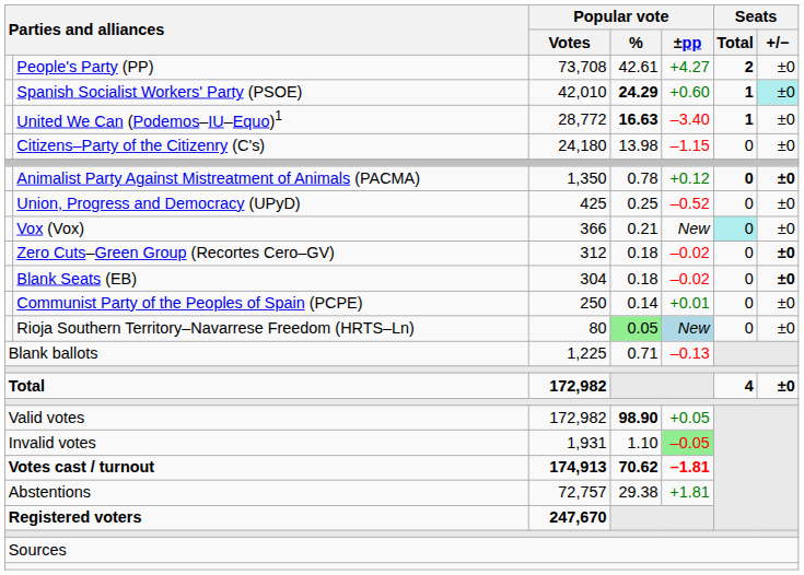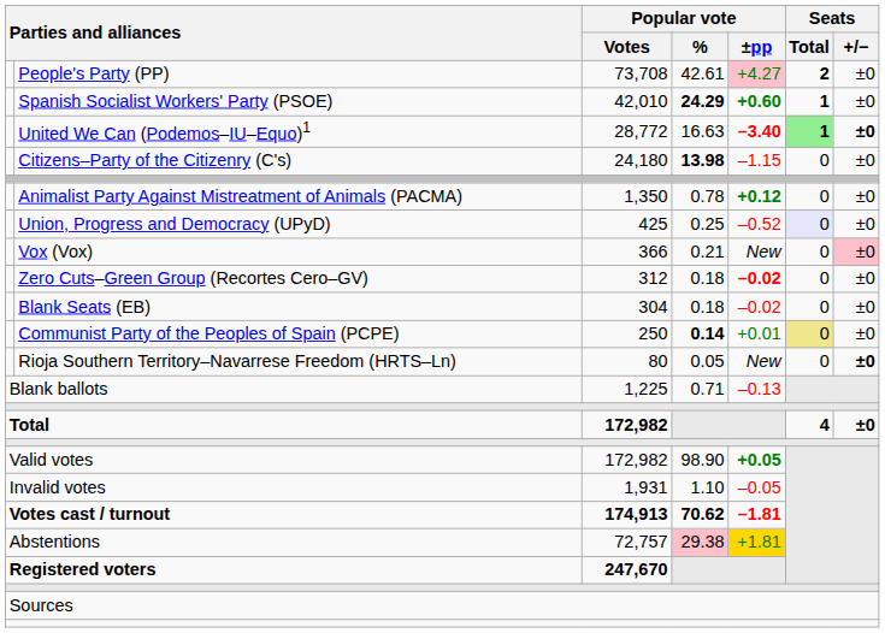 <table class="wikitable" style="text-align:right;">
 <tr>
 <th style="text-align:left;" rowspan="2" colspan="2" width="525">Parties and alliances</th>
 <th colspan="3">Popular vote</th>
 <th colspan="2">Seats</th>
 </tr>
 <tr>
 <th width="75">Votes</th>
 <th width="45">%</th>
 <th width="45">±<a href='#'>pp</a></th>
 <th width="35">Total</th>
 <th width="35">+/−</th>
 </tr>
 <tr>
 <td width="1" style="color:inherit;background:"></td>
 <td align="left"><a href='#'>People's Party</a> (PP)</td>
 <td>73,708</td>
 <td>42.61</td>
-<td style="color:green;">+4.27</td>
+<td style="background: pink; color:green;">+4.27</td>
 <td><strong>2</strong></td>
 <td>±0</td>
 </tr>
 <tr>
 <td style="color:inherit;background:"></td>
 <td align="left"><a href='#'>Spanish Socialist Workers' Party</a> (PSOE)</td>
 <td>42,010</td>
 <td><strong>24.29</strong></td>
-<td style="color:green;">+0.60</td>
+<td style="color:green;"><strong>+0.60</strong></td>
 <td><strong>1</strong></td>
-<td style="background: paleturquoise;">±0</td>
+<td>±0</td>
 </tr>
 <tr>
 <td style="color:inherit;background:"></td>
 <td align="left"><a href='#'>United We Can</a> (<a href='#'>Podemos</a>–<a href='#'>IU</a>–<a href='#'>Equo</a>)<sup>1</sup></td>
 <td>28,772</td>
-<td><strong>16.63</strong></td>
-<td style="color:red;">–3.40</td>
-<td><strong>1</strong></td>
-<td>±0</td>
+<td>16.63</td>
+<td style="color:red;"><strong>–3.40</strong></td>
+<td style="background: lightgreen;"><strong>1</strong></td>
+<td><strong>±0</strong></td>
 </tr>
 <tr>
 <td style="color:inherit;background:"></td>
 <td align="left"><a href='#'>Citizens–Party of the Citizenry</a> (C's)</td>
 <td>24,180</td>
-<td>13.98</td>
+<td><strong>13.98</strong></td>
 <td style="color:red;">–1.15</td>
 <td>0</td>
 <td>±0</td>
 </tr>
 <tr>
 <td colspan="7" bgcolor="#C0C0C0"></td>
 </tr>
 <tr>
 <td style="color:inherit;background:"></td>
 <td align="left"><a href='#'>Animalist Party Against Mistreatment of Animals</a> (PACMA)</td>
 <td>1,350</td>
 <td>0.78</td>
-<td style="color:green;">+0.12</td>
-<td><strong>0</strong></td>
-<td><strong>±0</strong></td>
+<td style="color:green;"><strong>+0.12</strong></td>
+<td>0</td>
+<td>±0</td>
 </tr>
 <tr>
 <td style="color:inherit;background:"></td>
 <td align="left"><a href='#'>Union, Progress and Democracy</a> (UPyD)</td>
 <td>425</td>
 <td>0.25</td>
 <td style="color:red;">–0.52</td>
-<td>0</td>
+<td style="background: lavender;">0</td>
 <td>±0</td>
 </tr>
 <tr>
 <td style="color:inherit;background:"></td>
 <td align="left"><a href='#'>Vox</a> (Vox)</td>
 <td>366</td>
 <td>0.21</td>
 <td><em>New</em></td>
-<td style="background: paleturquoise;">0</td>
-<td>±0</td>
+<td>0</td>
+<td style="background: pink;">±0</td>
 </tr>
 <tr>
 <td style="color:inherit;background:"></td>
 <td align="left"><a href='#'>Zero Cuts</a>–<a href='#'>Green Group</a> (Recortes Cero–GV)</td>
 <td>312</td>
 <td>0.18</td>
-<td style="color:red;">–0.02</td>
+<td style="color:red;"><strong>–0.02</strong></td>
 <td>0</td>
-<td><strong>±0</strong></td>
+<td>±0</td>
 </tr>
 <tr>
 <td style="color:inherit;background:"></td>
 <td align="left"><a href='#'>Blank Seats</a> (EB)</td>
 <td>304</td>
 <td>0.18</td>
 <td style="color:red;">–0.02</td>
 <td>0</td>
-<td><strong>±0</strong></td>
+<td>±0</td>
 </tr>
 <tr>
 <td style="color:inherit;background:"></td>
 <td align="left"><a href='#'>Communist Party of the Peoples of Spain</a> (PCPE)</td>
 <td>250</td>
-<td>0.14</td>
+<td><strong>0.14</strong></td>
 <td style="color:green;">+0.01</td>
-<td>0</td>
+<td style="background: khaki;">0</td>
 <td>±0</td>
 </tr>
 <tr>
 <td style="color:inherit;background:"></td>
 <td align="left">Rioja Southern Territory–Navarrese Freedom (HRTS–Ln)</td>
 <td>80</td>
-<td style="background: lightgreen;">0.05</td>
-<td style="background: lightblue;"><em>New</em></td>
+<td>0.05</td>
+<td><em>New</em></td>
 <td>0</td>
-<td>±0</td>
+<td><strong>±0</strong></td>
 </tr>
 <tr>
 <td align="left" colspan="2">Blank ballots</td>
 <td>1,225</td>
 <td>0.71</td>
 <td style="color:red;">–0.13</td>
 <td bgcolor="#E9E9E9" colspan="2"></td>
 </tr>
 <tr>
 <td colspan="7" bgcolor="#E9E9E9"></td>
 </tr>
 <tr style="font-weight:bold;">
 <td align="left" colspan="2">Total</td>
 <td>172,982</td>
 <td bgcolor="#E9E9E9" colspan="2"></td>
 <td>4</td>
 <td>±0</td>
 </tr>
 <tr>
 <td colspan="7" bgcolor="#E9E9E9"></td>
 </tr>
 <tr>
 <td align="left" colspan="2">Valid votes</td>
 <td>172,982</td>
-<td><strong>98.90</strong></td>
-<td style="color:green;">+0.05</td>
+<td>98.90</td>
+<td style="color:green;"><strong>+0.05</strong></td>
 <td bgcolor="#E9E9E9" colspan="2" rowspan="5"></td>
 </tr>
 <tr>
 <td align="left" colspan="2">Invalid votes</td>
 <td>1,931</td>
 <td>1.10</td>
-<td style="background: lightgreen; color:red;">–0.05</td>
+<td style="color:red;">–0.05</td>
 </tr>
 <tr style="font-weight:bold;">
 <td align="left" colspan="2">Votes cast / turnout</td>
 <td>174,913</td>
 <td>70.62</td>
 <td style="color:red;">–1.81</td>
 </tr>
 <tr>
 <td align="left" colspan="2">Abstentions</td>
 <td>72,757</td>
-<td>29.38</td>
-<td style="color:green;">+1.81</td>
+<td style="background: pink;">29.38</td>
+<td style="background: gold; color:green;">+1.81</td>
 </tr>
 <tr style="font-weight:bold;">
 <td align="left" colspan="2">Registered voters</td>
 <td>247,670</td>
 <td bgcolor="#E9E9E9" colspan="2"></td>
 </tr>
 <tr>
 <td colspan="7" bgcolor="#E9E9E9"></td>
 </tr>
 <tr>
 <td align="left" colspan="7">Sources</td>
 </tr>
 <tr>
 <td colspan="7" style="text-align:left; max-width:790px;"></td>
 </tr>
 </table>
